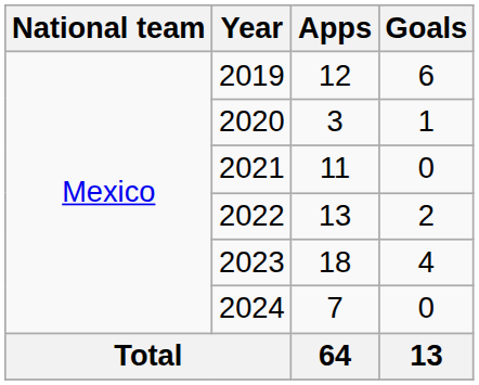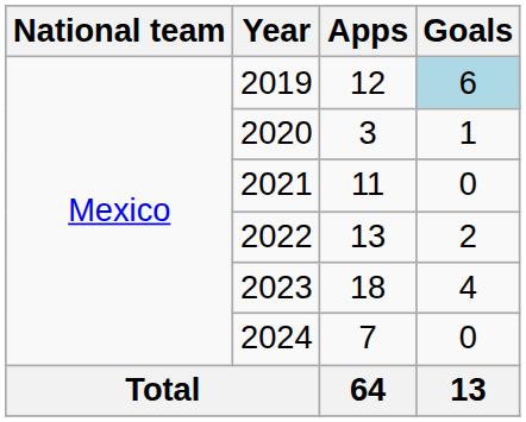 <table class="wikitable" style="text-align:center">
 <tr>
 <th>National team</th>
 <th>Year</th>
 <th>Apps</th>
 <th>Goals</th>
 </tr>
 <tr>
 <td rowspan="6"><a href='#'>Mexico</a></td>
 <td>2019</td>
 <td>12</td>
-<td>6</td>
+<td style="background: lightblue;">6</td>
 </tr>
 <tr>
 <td>2020</td>
 <td>3</td>
 <td>1</td>
 </tr>
 <tr>
 <td>2021</td>
 <td>11</td>
 <td>0</td>
 </tr>
 <tr>
 <td>2022</td>
 <td>13</td>
 <td>2</td>
 </tr>
 <tr>
 <td>2023</td>
 <td>18</td>
 <td>4</td>
 </tr>
 <tr>
 <td>2024</td>
 <td>7</td>
 <td>0</td>
 </tr>
 <tr>
 <th colspan="2">Total</th>
 <th>64</th>
 <th>13</th>
 </tr>
 </table>
